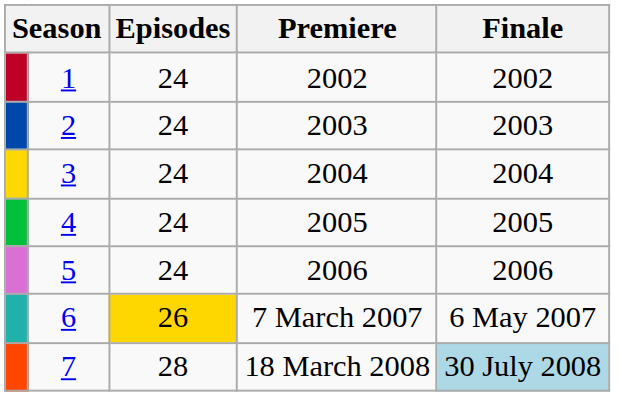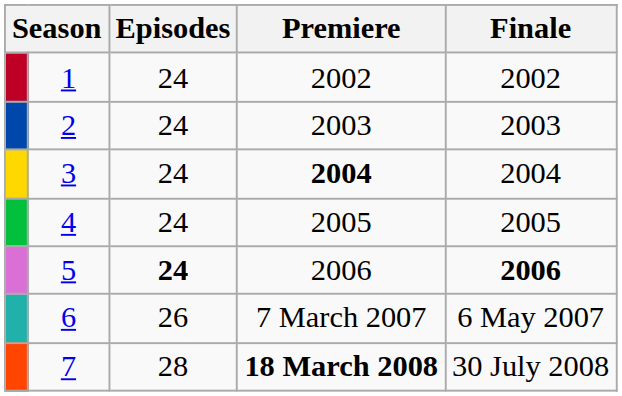 <table class="wikitable">
 <tr>
 <th colspan="2">Season</th>
 <th>Episodes</th>
 <th>Premiere</th>
 <th>Finale</th>
 </tr>
 <tr>
 <td style="background:#BE0027;"></td>
 <td align="center"><a href='#'>1</a></td>
 <td align="center">24</td>
 <td align="center">2002</td>
 <td align="center">2002</td>
 </tr>
 <tr>
 <td style="background-color: #0047AB;"></td>
 <td align="center"><a href='#'>2</a></td>
 <td align="center">24</td>
 <td align="center">2003</td>
 <td align="center">2003</td>
 </tr>
 <tr>
 <td style="background-color: #FFD800; color: #100; text-align: center; top"></td>
 <td align="center"><a href='#'>3</a></td>
 <td align="center">24</td>
-<td align="center">2004</td>
+<td align="center"><strong>2004</strong></td>
 <td align="center">2004</td>
 </tr>
 <tr>
 <td style="color:#FFFFFF; background-color: #03C03C"></td>
 <td align="center"><a href='#'>4</a></td>
 <td align="center">24</td>
 <td align="center">2005</td>
 <td align="center">2005</td>
 </tr>
 <tr>
 <td style="color: #000000; background-color: #DA70D6"></td>
 <td align="center"><a href='#'>5</a></td>
-<td align="center">24</td>
+<td align="center"><strong>24</strong></td>
 <td align="center">2006</td>
-<td align="center">2006</td>
+<td align="center"><strong>2006</strong></td>
 </tr>
 <tr>
 <td style="width:5px; background:#20b2aa;"></td>
 <td align="center"><a href='#'>6</a></td>
-<td align="center" style="background: gold;">26</td>
+<td align="center">26</td>
 <td align="center">7 March 2007</td>
 <td align="center">6 May 2007</td>
 </tr>
 <tr>
 <td style="color:#FFFFFF; background-color: #FF4500"></td>
 <td align="center"><a href='#'>7</a></td>
 <td align="center">28</td>
-<td align="center">18 March 2008</td>
-<td align="center" style="background: lightblue;">30 July 2008</td>
+<td align="center"><strong>18 March 2008</strong></td>
+<td align="center">30 July 2008</td>
 </tr>
 </table>
